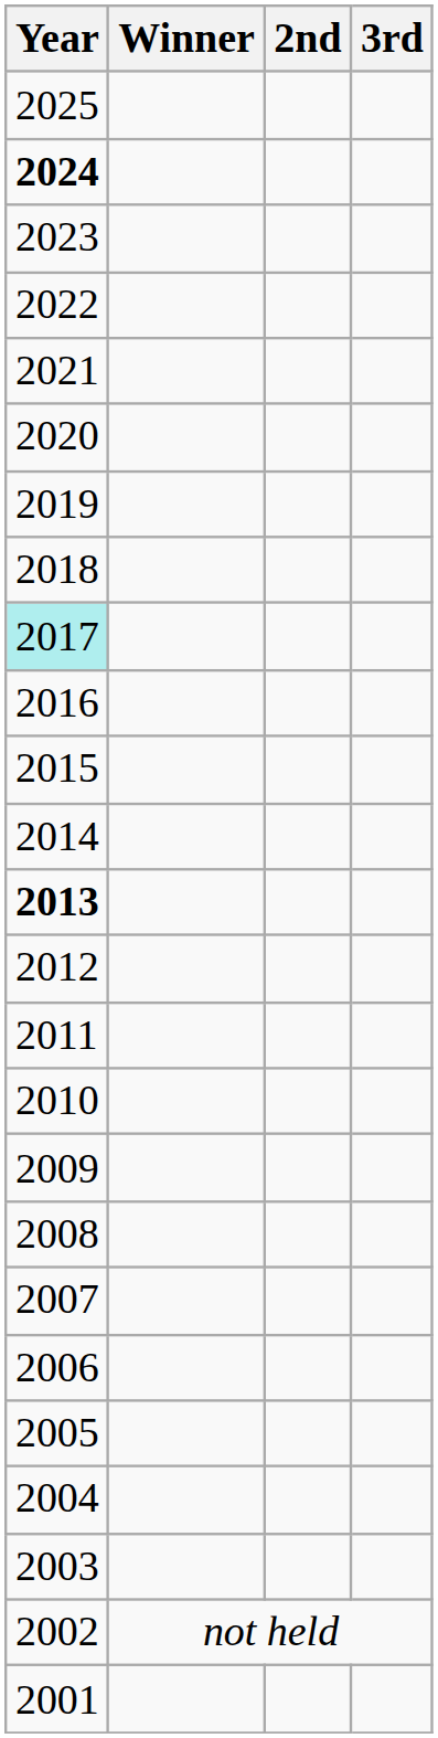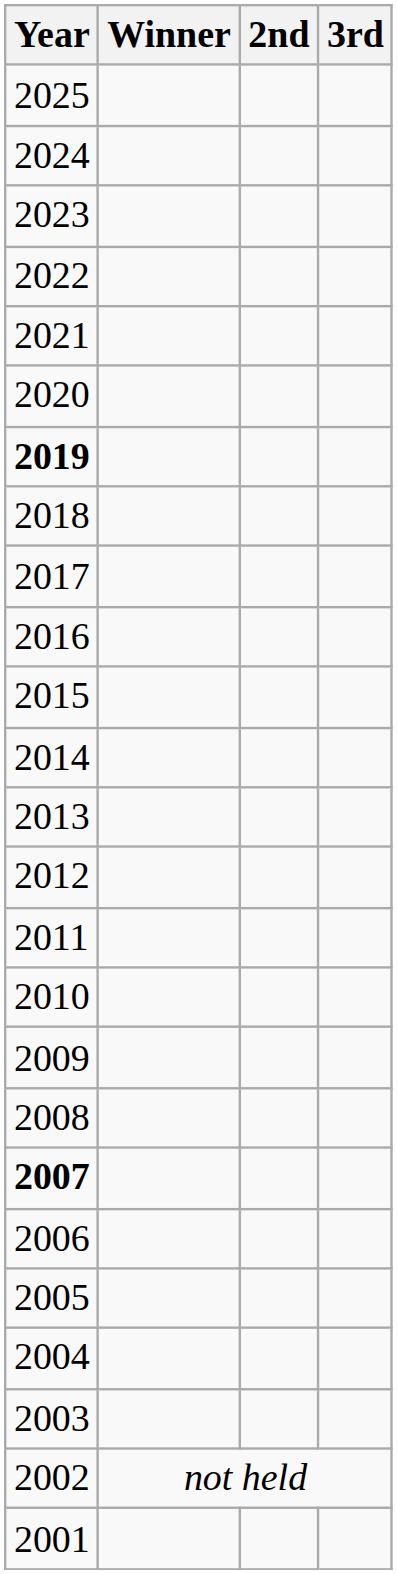 <table class="wikitable">
 <tr>
 <th>Year</th>
 <th>Winner</th>
 <th>2nd</th>
 <th>3rd</th>
 </tr>
 <tr>
 <td>2025</td>
 <td></td>
 <td></td>
 <td></td>
 </tr>
 <tr>
-<td><strong>2024</strong></td>
+<td>2024</td>
 <td></td>
 <td></td>
 <td></td>
 </tr>
 <tr>
 <td>2023</td>
 <td></td>
 <td></td>
 <td></td>
 </tr>
 <tr>
 <td>2022</td>
 <td></td>
 <td></td>
 <td></td>
 </tr>
 <tr>
 <td>2021</td>
 <td></td>
 <td></td>
 <td></td>
 </tr>
 <tr>
 <td>2020</td>
 <td></td>
 <td></td>
 <td></td>
 </tr>
 <tr>
-<td>2019</td>
+<td><strong>2019</strong></td>
 <td><s></s></td>
 <td></td>
 <td></td>
 </tr>
 <tr>
 <td>2018</td>
 <td></td>
 <td></td>
 <td></td>
 </tr>
 <tr>
-<td style="background: paleturquoise;">2017</td>
+<td>2017</td>
 <td></td>
 <td></td>
 <td></td>
 </tr>
 <tr>
 <td>2016</td>
 <td></td>
 <td></td>
 <td></td>
 </tr>
 <tr>
 <td>2015</td>
 <td></td>
 <td></td>
 <td></td>
 </tr>
 <tr>
 <td>2014</td>
 <td></td>
 <td></td>
 <td></td>
 </tr>
 <tr>
-<td><strong>2013</strong></td>
+<td>2013</td>
 <td></td>
 <td></td>
 <td></td>
 </tr>
 <tr>
 <td>2012</td>
 <td></td>
 <td></td>
 <td></td>
 </tr>
 <tr>
 <td>2011</td>
 <td></td>
 <td></td>
 <td></td>
 </tr>
 <tr>
 <td>2010</td>
 <td></td>
 <td></td>
 <td></td>
 </tr>
 <tr>
 <td>2009</td>
 <td></td>
 <td></td>
 <td></td>
 </tr>
 <tr>
 <td>2008</td>
 <td></td>
 <td></td>
 <td></td>
 </tr>
 <tr>
-<td>2007</td>
+<td><strong>2007</strong></td>
 <td></td>
 <td></td>
 <td></td>
 </tr>
 <tr>
 <td>2006</td>
 <td></td>
 <td></td>
 <td></td>
 </tr>
 <tr>
 <td>2005</td>
 <td></td>
 <td></td>
 <td></td>
 </tr>
 <tr>
 <td>2004</td>
 <td></td>
 <td></td>
 <td></td>
 </tr>
 <tr>
 <td>2003</td>
 <td></td>
 <td></td>
 <td></td>
 </tr>
 <tr>
 <td>2002</td>
 <td colspan=3 style="text-align:center"><em>not held</em></td>
 </tr>
 <tr>
 <td>2001</td>
 <td></td>
 <td></td>
 <td></td>
 </tr>
 </table>
